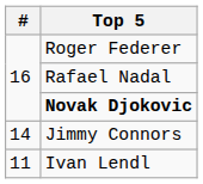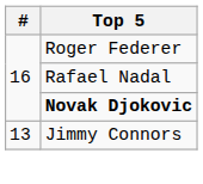 <table class="wikitable" style="display:inline-table;">
 <tr>
 <th width=20>#</th>
 <th>Top 5</th>
 </tr>
 <tr>
 <td rowspan="3">16</td>
 <td> Roger Federer</td>
 </tr>
 <tr>
 <td> Rafael Nadal</td>
 </tr>
 <tr>
 <td> <strong>Novak Djokovic</strong></td>
 </tr>
 <tr>
-<td>14</td>
+<td>13</td>
 <td> Jimmy Connors</td>
 </tr>
-<tr>
-<td>11</td>
-<td> Ivan Lendl</td>
-</tr>
 </table>
